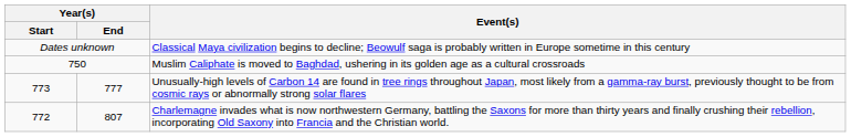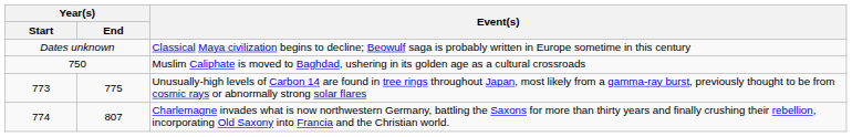 <table class="wikitable">
 <tr>
 <th colspan="2">Year(s)</th>
 <th rowspan="2">Event(s)</th>
 </tr>
 <tr>
 <th style="width:100px;">Start</th>
 <th style="width:100px;">End</th>
 </tr>
 <tr>
 <td colspan="2" style="text-align:center;"><em>Dates unknown</em></td>
 <td><a href='#'>Classical</a> <a href='#'>Maya civilization</a> begins to decline; <a href='#'>Beowulf</a> saga is probably written in Europe sometime in this century</td>
 </tr>
 <tr>
 <td colspan="2" style="text-align:center;">750</td>
 <td>Muslim <a href='#'>Caliphate</a> is moved to <a href='#'>Baghdad</a>, ushering in its golden age as a cultural crossroads</td>
 </tr>
 <tr>
 <td style="text-align:center;">773</td>
-<td style="text-align:center;">777</td>
+<td style="text-align:center;">775</td>
 <td>Unusually-high levels of <a href='#'>Carbon 14</a> are found in <a href='#'>tree rings</a> throughout <a href='#'>Japan</a>, most likely from a <a href='#'>gamma-ray burst</a>, previously thought to be from <a href='#'>cosmic rays</a> or abnormally strong <a href='#'>solar flares</a></td>
 </tr>
 <tr>
-<td style="text-align:center;">772</td>
+<td style="text-align:center;">774</td>
 <td style="text-align:center;">807</td>
 <td><a href='#'>Charlemagne</a> invades what is now northwestern Germany, battling the <a href='#'>Saxons</a> for more than thirty years and finally crushing their <a href='#'>rebellion</a>, incorporating <a href='#'>Old Saxony</a> into <a href='#'>Francia</a> and the Christian world.</td>
 </tr>
 </table>
